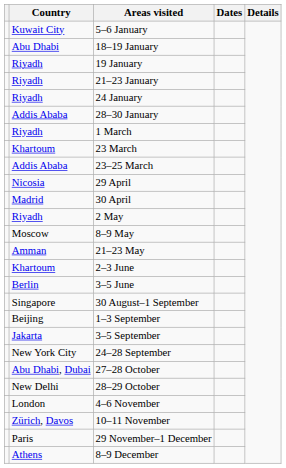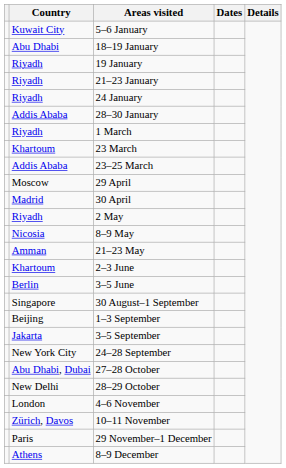 <table class="wikitable sortable">
 <tr>
 <th></th>
 <th>Country</th>
 <th>Areas visited</th>
 <th>Dates</th>
 <th class="unsortable">Details</th>
 </tr>
 <tr>
 <td></td>
 <td><a href='#'>Kuwait City</a></td>
 <td>5–6 January</td>
 <td></td>
 </tr>
 <tr>
 <td></td>
 <td><a href='#'>Abu Dhabi</a></td>
 <td>18–19 January</td>
 <td></td>
 </tr>
 <tr>
 <td></td>
 <td><a href='#'>Riyadh</a></td>
 <td>19 January</td>
 <td></td>
 </tr>
 <tr>
 <td></td>
 <td><a href='#'>Riyadh</a></td>
 <td>21–23 January</td>
 <td></td>
 </tr>
 <tr>
 <td></td>
 <td><a href='#'>Riyadh</a></td>
 <td>24 January</td>
 <td></td>
 </tr>
 <tr>
 <td></td>
 <td><a href='#'>Addis Ababa</a></td>
 <td>28–30 January</td>
 <td></td>
 </tr>
 <tr>
 <td></td>
 <td><a href='#'>Riyadh</a></td>
 <td>1 March</td>
 <td></td>
 </tr>
 <tr>
 <td></td>
 <td><a href='#'>Khartoum</a></td>
 <td>23 March</td>
 <td></td>
 </tr>
 <tr>
 <td></td>
 <td><a href='#'>Addis Ababa</a></td>
 <td>23–25 March</td>
 <td></td>
 </tr>
 <tr>
 <td></td>
-<td><a href='#'>Nicosia</a></td>
+<td>Moscow</td>
 <td>29 April</td>
 <td></td>
 </tr>
 <tr>
 <td></td>
 <td><a href='#'>Madrid</a></td>
 <td>30 April</td>
 <td></td>
 </tr>
 <tr>
 <td></td>
 <td><a href='#'>Riyadh</a></td>
 <td>2 May</td>
 <td></td>
 </tr>
 <tr>
 <td></td>
-<td>Moscow</td>
+<td><a href='#'>Nicosia</a></td>
 <td>8–9 May</td>
 <td></td>
 </tr>
 <tr>
 <td></td>
 <td><a href='#'>Amman</a></td>
 <td>21–23 May</td>
 <td></td>
 </tr>
 <tr>
 <td></td>
 <td><a href='#'>Khartoum</a></td>
 <td>2–3 June</td>
 <td></td>
 </tr>
 <tr>
 <td></td>
 <td><a href='#'>Berlin</a></td>
 <td>3–5 June</td>
 <td></td>
 </tr>
 <tr>
 <td></td>
 <td>Singapore</td>
 <td>30 August–1 September</td>
 <td></td>
 </tr>
 <tr>
 <td></td>
 <td>Beijing</td>
 <td>1–3 September</td>
 <td></td>
 </tr>
 <tr>
 <td></td>
 <td><a href='#'>Jakarta</a></td>
 <td>3–5 September</td>
 <td></td>
 </tr>
 <tr>
 <td></td>
 <td>New York City</td>
 <td>24–28 September</td>
 <td></td>
 </tr>
 <tr>
 <td></td>
 <td><a href='#'>Abu Dhabi</a>, <a href='#'>Dubai</a></td>
 <td>27–28 October</td>
 <td></td>
 </tr>
 <tr>
 <td></td>
 <td>New Delhi</td>
 <td>28–29 October</td>
 <td></td>
 </tr>
 <tr>
 <td></td>
 <td>London</td>
 <td>4–6 November</td>
 <td></td>
 </tr>
 <tr>
 <td></td>
 <td><a href='#'>Zürich</a>, <a href='#'>Davos</a></td>
 <td>10–11 November</td>
 <td></td>
 </tr>
 <tr>
 <td></td>
 <td>Paris</td>
 <td>29 November–1 December</td>
 <td></td>
 </tr>
 <tr>
 <td></td>
 <td><a href='#'>Athens</a></td>
 <td>8–9 December</td>
 <td></td>
 </tr>
 </table>
